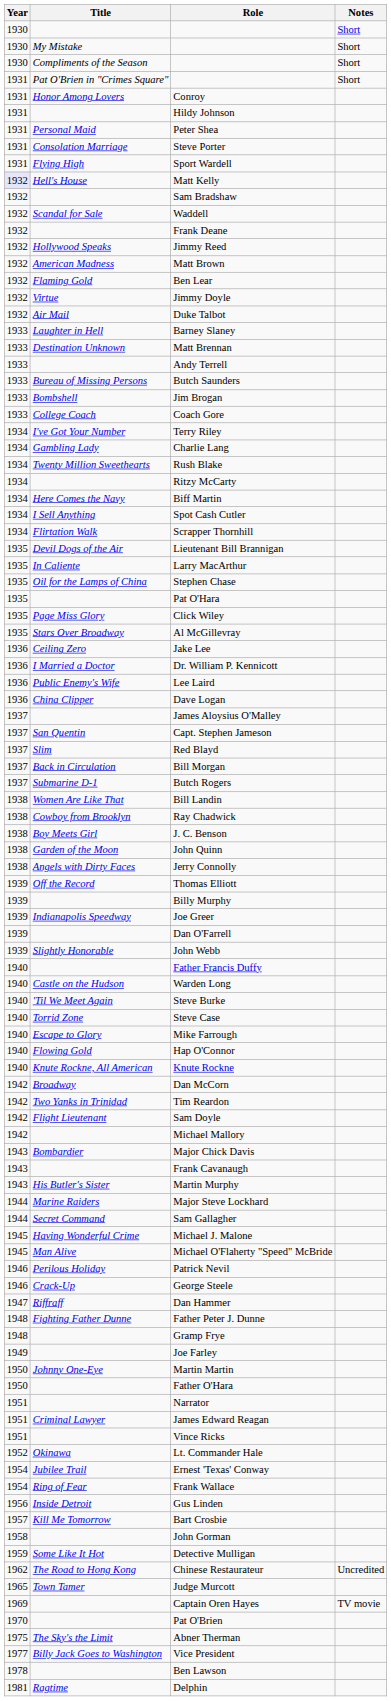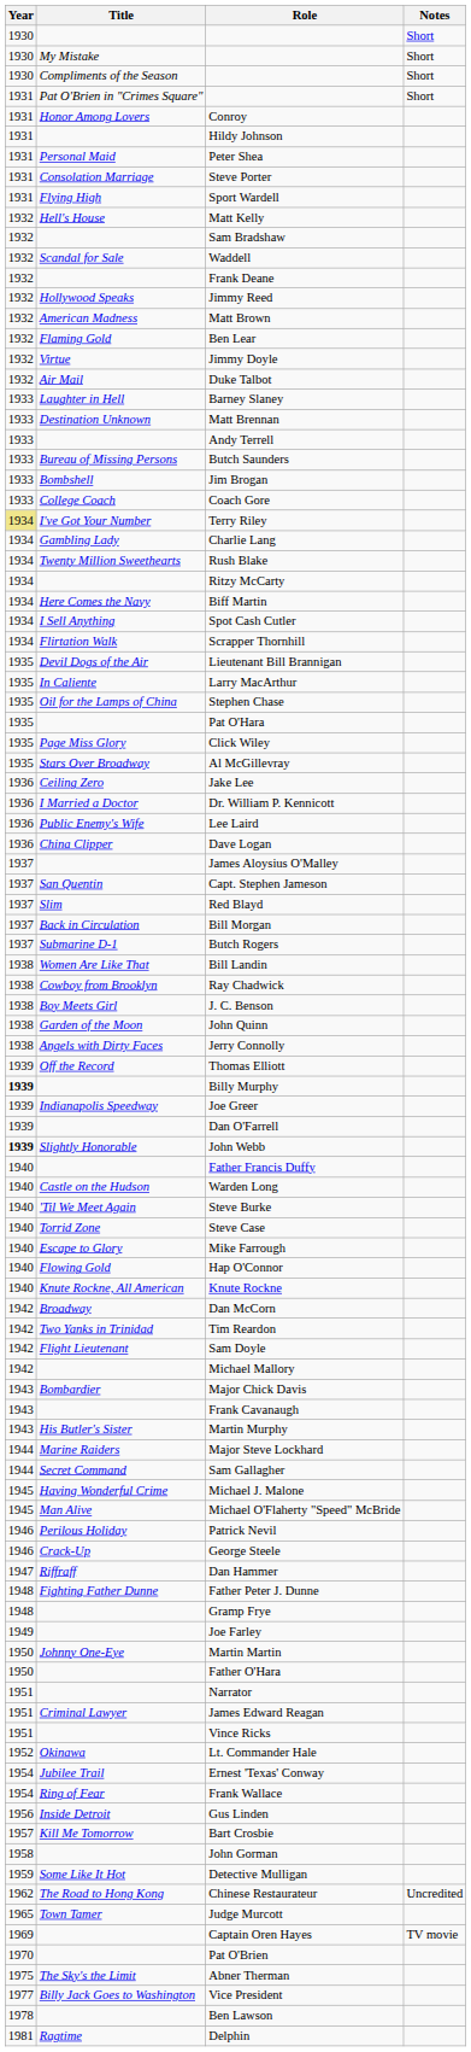 <table class="wikitable sortable">
 <tr>
 <th>Year</th>
 <th>Title</th>
 <th class="unsortable">Role</th>
 <th class="unsortable">Notes</th>
 </tr>
 <tr>
 <td>1930</td>
 <td><em></em></td>
 <td></td>
 <td><a href='#'>Short</a></td>
 </tr>
 <tr>
 <td>1930</td>
 <td><em>My Mistake</em></td>
 <td></td>
 <td>Short</td>
 </tr>
 <tr>
 <td>1930</td>
 <td><em>Compliments of the Season</em></td>
 <td></td>
 <td>Short</td>
 </tr>
 <tr>
 <td>1931</td>
 <td><em>Pat O'Brien in "Crimes Square"</em></td>
 <td></td>
 <td>Short</td>
 </tr>
 <tr>
 <td>1931</td>
 <td><em><a href='#'>Honor Among Lovers</a></em></td>
 <td>Conroy</td>
 <td></td>
 </tr>
 <tr>
 <td>1931</td>
 <td><em></em></td>
 <td>Hildy Johnson</td>
 <td></td>
 </tr>
 <tr>
 <td>1931</td>
 <td><em><a href='#'>Personal Maid</a></em></td>
 <td>Peter Shea</td>
 <td></td>
 </tr>
 <tr>
 <td>1931</td>
 <td><em><a href='#'>Consolation Marriage</a></em></td>
 <td>Steve Porter</td>
 <td></td>
 </tr>
 <tr>
 <td>1931</td>
 <td><em><a href='#'>Flying High</a></em></td>
 <td>Sport Wardell</td>
 <td></td>
 </tr>
 <tr>
-<td style="background: lavender;">1932</td>
+<td>1932</td>
 <td><em><a href='#'>Hell's House</a></em></td>
 <td>Matt Kelly</td>
 <td></td>
 </tr>
 <tr>
 <td>1932</td>
 <td><em></em></td>
 <td>Sam Bradshaw</td>
 <td></td>
 </tr>
 <tr>
 <td>1932</td>
 <td><em><a href='#'>Scandal for Sale</a></em></td>
 <td>Waddell</td>
 <td></td>
 </tr>
 <tr>
 <td>1932</td>
 <td><em></em></td>
 <td>Frank Deane</td>
 <td></td>
 </tr>
 <tr>
 <td>1932</td>
 <td><em><a href='#'>Hollywood Speaks</a></em></td>
 <td>Jimmy Reed</td>
 <td></td>
 </tr>
 <tr>
 <td>1932</td>
 <td><em><a href='#'>American Madness</a></em></td>
 <td>Matt Brown</td>
 <td></td>
 </tr>
 <tr>
 <td>1932</td>
 <td><em><a href='#'>Flaming Gold</a></em></td>
 <td>Ben Lear</td>
 <td></td>
 </tr>
 <tr>
 <td>1932</td>
 <td><em><a href='#'>Virtue</a></em></td>
 <td>Jimmy Doyle</td>
 <td></td>
 </tr>
 <tr>
 <td>1932</td>
 <td><em><a href='#'>Air Mail</a></em></td>
 <td>Duke Talbot</td>
 <td></td>
 </tr>
 <tr>
 <td>1933</td>
 <td><em><a href='#'>Laughter in Hell</a></em></td>
 <td>Barney Slaney</td>
 <td></td>
 </tr>
 <tr>
 <td>1933</td>
 <td><em><a href='#'>Destination Unknown</a></em></td>
 <td>Matt Brennan</td>
 <td></td>
 </tr>
 <tr>
 <td>1933</td>
 <td><em></em></td>
 <td>Andy Terrell</td>
 <td></td>
 </tr>
 <tr>
 <td>1933</td>
 <td><em><a href='#'>Bureau of Missing Persons</a></em></td>
 <td>Butch Saunders</td>
 <td></td>
 </tr>
 <tr>
 <td>1933</td>
 <td><em><a href='#'>Bombshell</a></em></td>
 <td>Jim Brogan</td>
 <td></td>
 </tr>
 <tr>
 <td>1933</td>
 <td><em><a href='#'>College Coach</a></em></td>
 <td>Coach Gore</td>
 <td></td>
 </tr>
 <tr>
-<td>1934</td>
+<td style="background: khaki;">1934</td>
 <td><em><a href='#'>I've Got Your Number</a></em></td>
 <td>Terry Riley</td>
 <td></td>
 </tr>
 <tr>
 <td>1934</td>
 <td><em><a href='#'>Gambling Lady</a></em></td>
 <td>Charlie Lang</td>
 <td></td>
 </tr>
 <tr>
 <td>1934</td>
 <td><em><a href='#'>Twenty Million Sweethearts</a></em></td>
 <td>Rush Blake</td>
 <td></td>
 </tr>
 <tr>
 <td>1934</td>
 <td><em></em></td>
 <td>Ritzy McCarty</td>
 <td></td>
 </tr>
 <tr>
 <td>1934</td>
 <td><em><a href='#'>Here Comes the Navy</a></em></td>
 <td>Biff Martin</td>
 <td></td>
 </tr>
 <tr>
 <td>1934</td>
 <td><em><a href='#'>I Sell Anything</a></em></td>
 <td>Spot Cash Cutler</td>
 <td></td>
 </tr>
 <tr>
 <td>1934</td>
 <td><em><a href='#'>Flirtation Walk</a></em></td>
 <td>Scrapper Thornhill</td>
 <td></td>
 </tr>
 <tr>
 <td>1935</td>
 <td><em><a href='#'>Devil Dogs of the Air</a></em></td>
 <td>Lieutenant Bill Brannigan</td>
 <td></td>
 </tr>
 <tr>
 <td>1935</td>
 <td><em><a href='#'>In Caliente</a></em></td>
 <td>Larry MacArthur</td>
 <td></td>
 </tr>
 <tr>
 <td>1935</td>
 <td><em><a href='#'>Oil for the Lamps of China</a></em></td>
 <td>Stephen Chase</td>
 <td></td>
 </tr>
 <tr>
 <td>1935</td>
 <td><em></em></td>
 <td>Pat O'Hara</td>
 <td></td>
 </tr>
 <tr>
 <td>1935</td>
 <td><em><a href='#'>Page Miss Glory</a></em></td>
 <td>Click Wiley</td>
 <td></td>
 </tr>
 <tr>
 <td>1935</td>
 <td><em><a href='#'>Stars Over Broadway</a></em></td>
 <td>Al McGillevray</td>
 <td></td>
 </tr>
 <tr>
 <td>1936</td>
 <td><em><a href='#'>Ceiling Zero</a></em></td>
 <td>Jake Lee</td>
 <td></td>
 </tr>
 <tr>
 <td>1936</td>
 <td><em><a href='#'>I Married a Doctor</a></em></td>
 <td>Dr. William P. Kennicott</td>
 <td></td>
 </tr>
 <tr>
 <td>1936</td>
 <td><em><a href='#'>Public Enemy's Wife</a></em></td>
 <td>Lee Laird</td>
 <td></td>
 </tr>
 <tr>
 <td>1936</td>
 <td><em><a href='#'>China Clipper</a></em></td>
 <td>Dave Logan</td>
 <td></td>
 </tr>
 <tr>
 <td>1937</td>
 <td><em></em></td>
 <td>James Aloysius O'Malley</td>
 <td></td>
 </tr>
 <tr>
 <td>1937</td>
 <td><em><a href='#'>San Quentin</a></em></td>
 <td>Capt. Stephen Jameson</td>
 <td></td>
 </tr>
 <tr>
 <td>1937</td>
 <td><em><a href='#'>Slim</a></em></td>
 <td>Red Blayd</td>
 <td></td>
 </tr>
 <tr>
 <td>1937</td>
 <td><em><a href='#'>Back in Circulation</a></em></td>
 <td>Bill Morgan</td>
 <td></td>
 </tr>
 <tr>
 <td>1937</td>
 <td><em><a href='#'>Submarine D-1</a></em></td>
 <td>Butch Rogers</td>
 <td></td>
 </tr>
 <tr>
 <td>1938</td>
 <td><em><a href='#'>Women Are Like That</a></em></td>
 <td>Bill Landin</td>
 <td></td>
 </tr>
 <tr>
 <td>1938</td>
 <td><em><a href='#'>Cowboy from Brooklyn</a></em></td>
 <td>Ray Chadwick</td>
 <td></td>
 </tr>
 <tr>
 <td>1938</td>
 <td><em><a href='#'>Boy Meets Girl</a></em></td>
 <td>J. C. Benson</td>
 <td></td>
 </tr>
 <tr>
 <td>1938</td>
 <td><em><a href='#'>Garden of the Moon</a></em></td>
 <td>John Quinn</td>
 <td></td>
 </tr>
 <tr>
 <td>1938</td>
 <td><em><a href='#'>Angels with Dirty Faces</a></em></td>
 <td>Jerry Connolly</td>
 <td></td>
 </tr>
 <tr>
 <td>1939</td>
 <td><em><a href='#'>Off the Record</a></em></td>
 <td>Thomas Elliott</td>
 <td></td>
 </tr>
 <tr>
-<td>1939</td>
+<td><strong>1939</strong></td>
 <td><em></em></td>
 <td>Billy Murphy</td>
 <td></td>
 </tr>
 <tr>
 <td>1939</td>
 <td><em><a href='#'>Indianapolis Speedway</a></em></td>
 <td>Joe Greer</td>
 <td></td>
 </tr>
 <tr>
 <td>1939</td>
 <td><em></em></td>
 <td>Dan O'Farrell</td>
 <td></td>
 </tr>
 <tr>
-<td>1939</td>
+<td><strong>1939</strong></td>
 <td><em><a href='#'>Slightly Honorable</a></em></td>
 <td>John Webb</td>
 <td></td>
 </tr>
 <tr>
 <td>1940</td>
 <td><em></em></td>
 <td><a href='#'>Father Francis Duffy</a></td>
 <td></td>
 </tr>
 <tr>
 <td>1940</td>
 <td><em><a href='#'>Castle on the Hudson</a></em></td>
 <td>Warden Long</td>
 <td></td>
 </tr>
 <tr>
 <td>1940</td>
 <td><em><a href='#'>'Til We Meet Again</a></em></td>
 <td>Steve Burke</td>
 <td></td>
 </tr>
 <tr>
 <td>1940</td>
 <td><em><a href='#'>Torrid Zone</a></em></td>
 <td>Steve Case</td>
 <td></td>
 </tr>
 <tr>
 <td>1940</td>
 <td><em><a href='#'>Escape to Glory</a></em></td>
 <td>Mike Farrough</td>
 <td></td>
 </tr>
 <tr>
 <td>1940</td>
 <td><em><a href='#'>Flowing Gold</a></em></td>
 <td>Hap O'Connor</td>
 <td></td>
 </tr>
 <tr>
 <td>1940</td>
 <td><em><a href='#'>Knute Rockne, All American</a></em></td>
 <td><a href='#'>Knute Rockne</a></td>
 <td></td>
 </tr>
 <tr>
 <td>1942</td>
 <td><em><a href='#'>Broadway</a></em></td>
 <td>Dan McCorn</td>
 <td></td>
 </tr>
 <tr>
 <td>1942</td>
 <td><em><a href='#'>Two Yanks in Trinidad</a></em></td>
 <td>Tim Reardon</td>
 <td></td>
 </tr>
 <tr>
 <td>1942</td>
 <td><em><a href='#'>Flight Lieutenant</a></em></td>
 <td>Sam Doyle</td>
 <td></td>
 </tr>
 <tr>
 <td>1942</td>
 <td><em></em></td>
 <td>Michael Mallory</td>
 <td></td>
 </tr>
 <tr>
 <td>1943</td>
 <td><em><a href='#'>Bombardier</a></em></td>
 <td>Major Chick Davis</td>
 <td></td>
 </tr>
 <tr>
 <td>1943</td>
 <td><em></em></td>
 <td>Frank Cavanaugh</td>
 <td></td>
 </tr>
 <tr>
 <td>1943</td>
 <td><em><a href='#'>His Butler's Sister</a></em></td>
 <td>Martin Murphy</td>
 <td></td>
 </tr>
 <tr>
 <td>1944</td>
 <td><em><a href='#'>Marine Raiders</a></em></td>
 <td>Major Steve Lockhard</td>
 <td></td>
 </tr>
 <tr>
 <td>1944</td>
 <td><em><a href='#'>Secret Command</a></em></td>
 <td>Sam Gallagher</td>
 <td></td>
 </tr>
 <tr>
 <td>1945</td>
 <td><em><a href='#'>Having Wonderful Crime</a></em></td>
 <td>Michael J. Malone</td>
 <td></td>
 </tr>
 <tr>
 <td>1945</td>
 <td><em><a href='#'>Man Alive</a></em></td>
 <td>Michael O'Flaherty "Speed" McBride</td>
 <td></td>
 </tr>
 <tr>
 <td>1946</td>
 <td><em><a href='#'>Perilous Holiday</a></em></td>
 <td>Patrick Nevil</td>
 <td></td>
 </tr>
 <tr>
 <td>1946</td>
 <td><em><a href='#'>Crack-Up</a></em></td>
 <td>George Steele</td>
 <td></td>
 </tr>
 <tr>
 <td>1947</td>
 <td><em><a href='#'>Riffraff</a></em></td>
 <td>Dan Hammer</td>
 <td></td>
 </tr>
 <tr>
 <td>1948</td>
 <td><em><a href='#'>Fighting Father Dunne</a></em></td>
 <td>Father Peter J. Dunne</td>
 <td></td>
 </tr>
 <tr>
 <td>1948</td>
 <td><em></em></td>
 <td>Gramp Frye</td>
 <td></td>
 </tr>
 <tr>
 <td>1949</td>
 <td><em></em></td>
 <td>Joe Farley</td>
 <td></td>
 </tr>
 <tr>
 <td>1950</td>
 <td><em><a href='#'>Johnny One-Eye</a></em></td>
 <td>Martin Martin</td>
 <td></td>
 </tr>
 <tr>
 <td>1950</td>
 <td><em></em></td>
 <td>Father O'Hara</td>
 <td></td>
 </tr>
 <tr>
 <td>1951</td>
 <td><em></em></td>
 <td>Narrator</td>
 <td></td>
 </tr>
 <tr>
 <td>1951</td>
 <td><em><a href='#'>Criminal Lawyer</a></em></td>
 <td>James Edward Reagan</td>
 <td></td>
 </tr>
 <tr>
 <td>1951</td>
 <td><em></em></td>
 <td>Vince Ricks</td>
 <td></td>
 </tr>
 <tr>
 <td>1952</td>
 <td><em><a href='#'>Okinawa</a></em></td>
 <td>Lt. Commander Hale</td>
 <td></td>
 </tr>
 <tr>
 <td>1954</td>
 <td><em><a href='#'>Jubilee Trail</a></em></td>
 <td>Ernest 'Texas' Conway</td>
 <td></td>
 </tr>
 <tr>
 <td>1954</td>
 <td><em><a href='#'>Ring of Fear</a></em></td>
 <td>Frank Wallace</td>
 <td></td>
 </tr>
 <tr>
 <td>1956</td>
 <td><em><a href='#'>Inside Detroit</a></em></td>
 <td>Gus Linden</td>
 <td></td>
 </tr>
 <tr>
 <td>1957</td>
 <td><em><a href='#'>Kill Me Tomorrow</a></em></td>
 <td>Bart Crosbie</td>
 <td></td>
 </tr>
 <tr>
 <td>1958</td>
 <td><em></em></td>
 <td>John Gorman</td>
 <td></td>
 </tr>
 <tr>
 <td>1959</td>
 <td><em><a href='#'>Some Like It Hot</a></em></td>
 <td>Detective Mulligan</td>
 <td></td>
 </tr>
 <tr>
 <td>1962</td>
 <td><em><a href='#'>The Road to Hong Kong</a></em></td>
 <td>Chinese Restaurateur</td>
 <td>Uncredited</td>
 </tr>
 <tr>
 <td>1965</td>
 <td><em><a href='#'>Town Tamer</a></em></td>
 <td>Judge Murcott</td>
 <td></td>
 </tr>
 <tr>
 <td>1969</td>
 <td><em></em></td>
 <td>Captain Oren Hayes</td>
 <td>TV movie</td>
 </tr>
 <tr>
 <td>1970</td>
 <td><em></em></td>
 <td>Pat O'Brien</td>
 <td></td>
 </tr>
 <tr>
 <td>1975</td>
 <td><em><a href='#'>The Sky's the Limit</a></em></td>
 <td>Abner Therman</td>
 <td></td>
 </tr>
 <tr>
 <td>1977</td>
 <td><em><a href='#'>Billy Jack Goes to Washington</a></em></td>
 <td>Vice President</td>
 <td></td>
 </tr>
 <tr>
 <td>1978</td>
 <td><em></em></td>
 <td>Ben Lawson</td>
 <td></td>
 </tr>
 <tr>
 <td>1981</td>
 <td><em><a href='#'>Ragtime</a></em></td>
 <td>Delphin</td>
 <td></td>
 </tr>
 </table>
